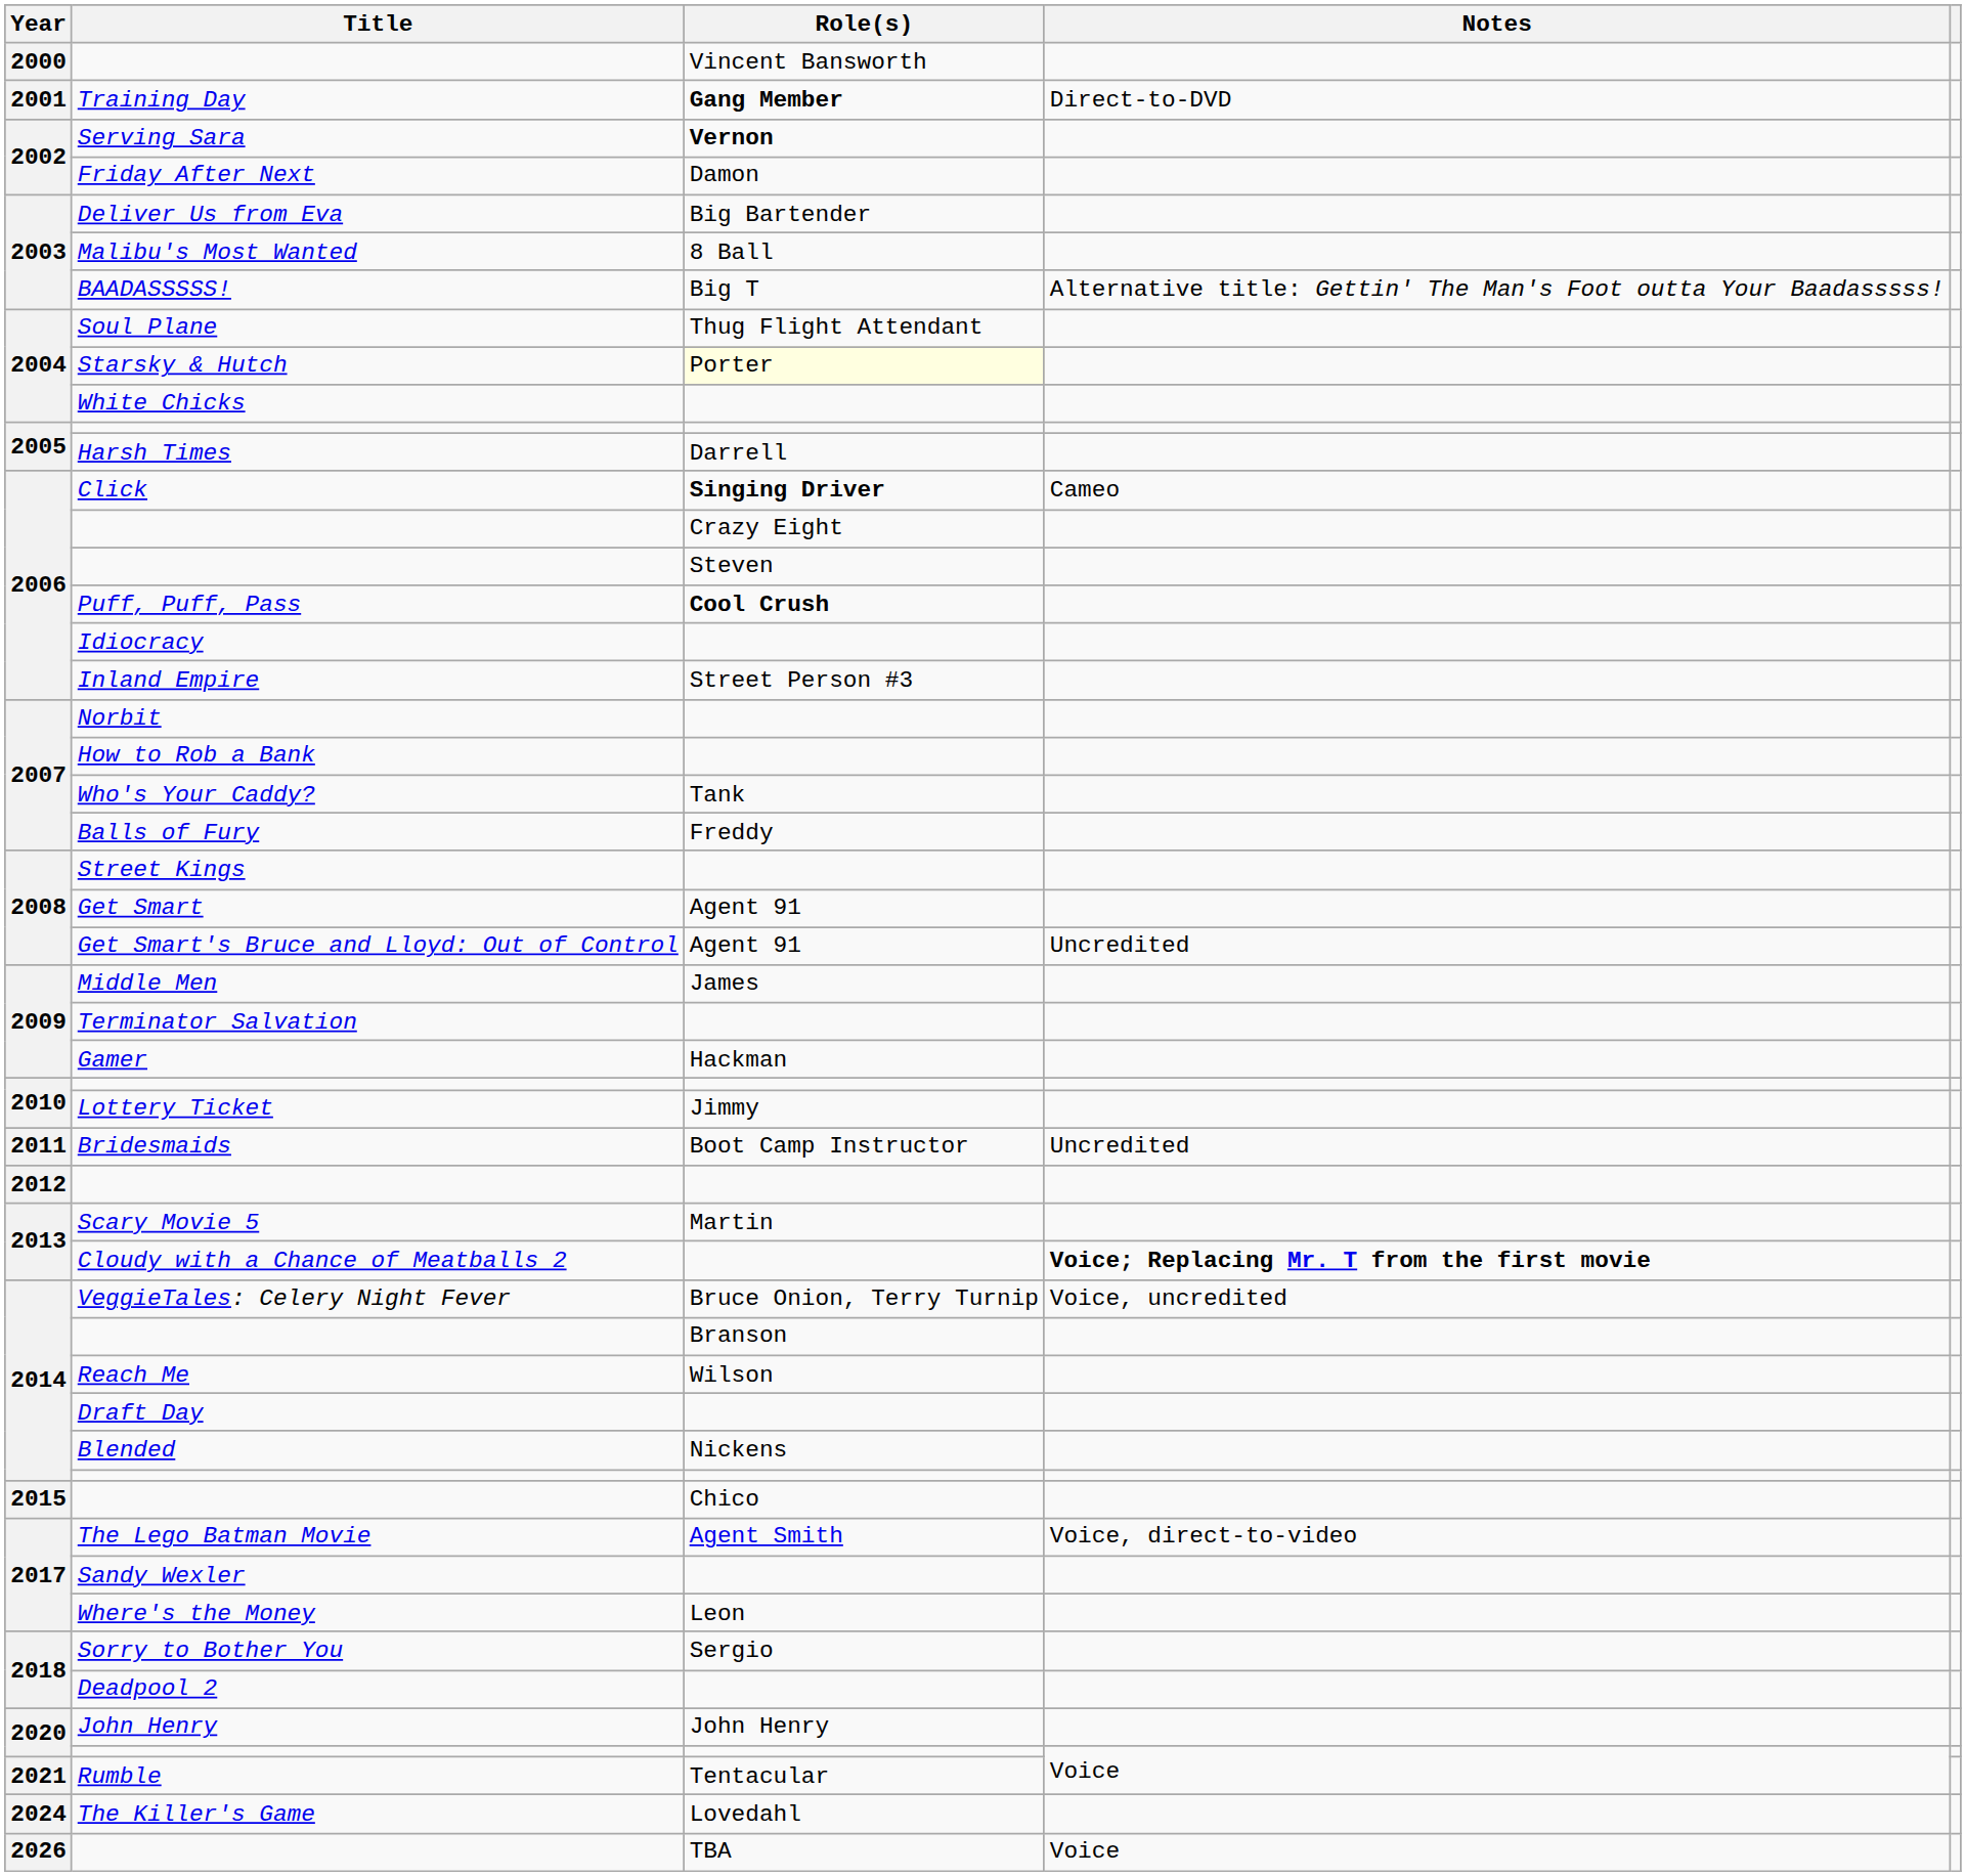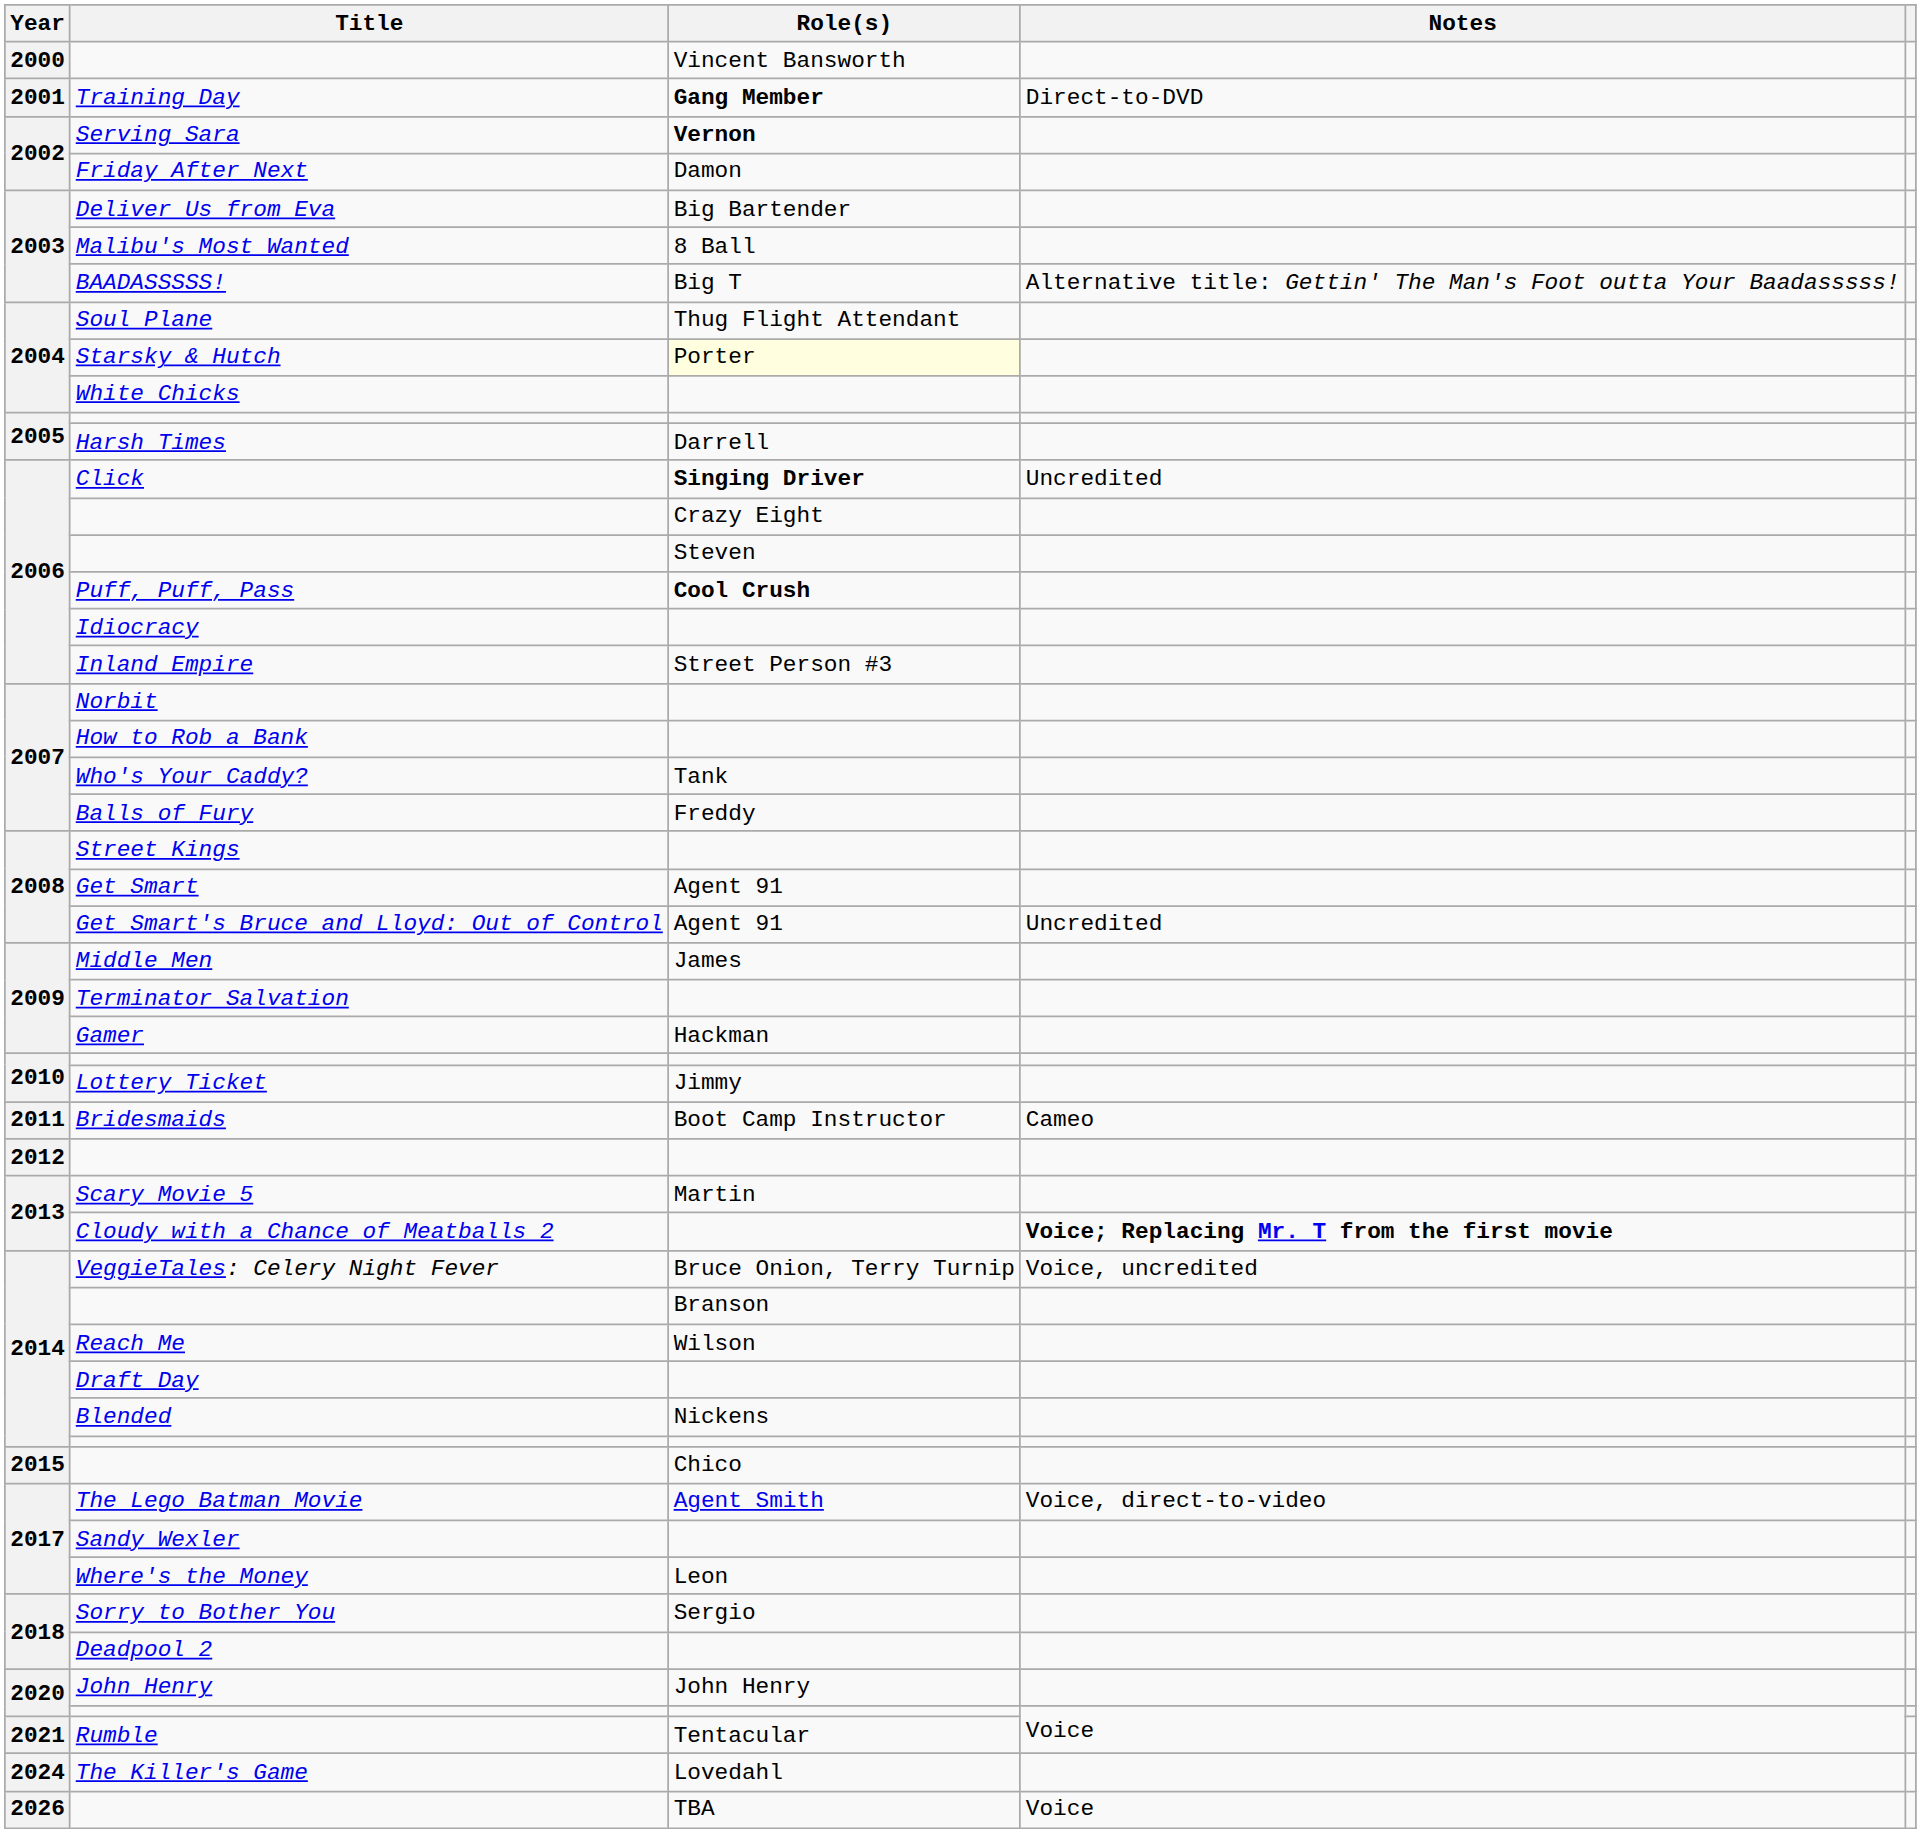 <table class="wikitable plainrowheaders sortable">
 <tr>
 <th scope="col">Year</th>
 <th scope="col">Title</th>
 <th scope="col">Role(s)</th>
 <th scope="col" class="unsortable">Notes</th>
 <th scope="col" class="unsortable"></th>
 </tr>
 <tr>
 <th scope=row>2000</th>
 <td><em></em></td>
 <td>Vincent Bansworth</td>
 <td></td>
 <td style="text-align:center;"></td>
 </tr>
 <tr>
 <th scope=row>2001</th>
 <td><em><a href='#'>Training Day</a></em></td>
 <td><strong>Gang Member</strong></td>
 <td>Direct-to-DVD</td>
 <td style="text-align:center;"></td>
 </tr>
 <tr>
 <th rowspan="2" scope="row">2002</th>
 <td><em><a href='#'>Serving Sara</a></em></td>
 <td><strong>Vernon</strong></td>
 <td></td>
 <td style="text-align:center;"></td>
 </tr>
 <tr>
 <td><em><a href='#'>Friday After Next</a></em></td>
 <td>Damon</td>
 <td></td>
 <td style="text-align:center;"></td>
 </tr>
 <tr>
 <th rowspan="3" scope="row">2003</th>
 <td><em><a href='#'>Deliver Us from Eva</a></em></td>
 <td>Big Bartender</td>
 <td></td>
 <td style="text-align:center;"></td>
 </tr>
 <tr>
 <td><em><a href='#'>Malibu's Most Wanted</a></em></td>
 <td>8 Ball</td>
 <td></td>
 <td style="text-align:center;"></td>
 </tr>
 <tr>
 <td><em><a href='#'>BAADASSSSS!</a></em></td>
 <td>Big T</td>
 <td>Alternative title: <em>Gettin' The Man's Foot outta Your Baadasssss!</em></td>
 <td style="text-align:center;"></td>
 </tr>
 <tr>
 <th rowspan="3" scope="row">2004</th>
 <td><em><a href='#'>Soul Plane</a></em></td>
 <td>Thug Flight Attendant</td>
 <td></td>
 <td style="text-align:center;"></td>
 </tr>
 <tr>
 <td><em><a href='#'>Starsky & Hutch</a></em></td>
 <td style="background: lightyellow;">Porter</td>
 <td></td>
 <td style="text-align:center;"></td>
 </tr>
 <tr>
 <td><em><a href='#'>White Chicks</a></em></td>
 <td></td>
 <td></td>
 <td style="text-align:center;"></td>
 </tr>
 <tr>
 <th rowspan="2" scope="row">2005</th>
 <td><em></em></td>
 <td></td>
 <td></td>
 <td style="text-align:center;"></td>
 </tr>
 <tr>
 <td><em><a href='#'>Harsh Times</a></em></td>
 <td>Darrell</td>
 <td></td>
 <td style="text-align:center;"></td>
 </tr>
 <tr>
 <th rowspan="6" scope="row">2006</th>
 <td><em><a href='#'>Click</a></em></td>
 <td><strong>Singing Driver</strong></td>
-<td>Cameo</td>
+<td>Uncredited</td>
 <td style="text-align:center;"></td>
 </tr>
 <tr>
 <td><em></em></td>
 <td>Crazy Eight</td>
 <td></td>
 <td style="text-align:center;"></td>
 </tr>
 <tr>
 <td><em></em></td>
 <td>Steven</td>
 <td></td>
 <td style="text-align:center;"></td>
 </tr>
 <tr>
 <td><em><a href='#'>Puff, Puff, Pass</a></em></td>
 <td><strong>Cool Crush</strong></td>
 <td></td>
 <td style="text-align:center;"></td>
 </tr>
 <tr>
 <td><em><a href='#'>Idiocracy</a></em></td>
 <td></td>
 <td></td>
 <td style="text-align:center;"></td>
 </tr>
 <tr>
 <td><em><a href='#'>Inland Empire</a></em></td>
 <td>Street Person #3</td>
 <td></td>
 <td style="text-align:center;"></td>
 </tr>
 <tr>
 <th rowspan="4" scope="row">2007</th>
 <td><em><a href='#'>Norbit</a></em></td>
 <td></td>
 <td></td>
 <td style="text-align:center;"></td>
 </tr>
 <tr>
 <td><em><a href='#'>How to Rob a Bank</a></em></td>
 <td></td>
 <td></td>
 <td style="text-align:center;"></td>
 </tr>
 <tr>
 <td><em><a href='#'>Who's Your Caddy?</a></em></td>
 <td>Tank</td>
 <td></td>
 <td style="text-align:center;"></td>
 </tr>
 <tr>
 <td><em><a href='#'>Balls of Fury</a></em></td>
 <td>Freddy</td>
 <td></td>
 <td style="text-align:center;"></td>
 </tr>
 <tr>
 <th rowspan="3" scope="row">2008</th>
 <td><em><a href='#'>Street Kings</a></em></td>
 <td></td>
 <td></td>
 <td style="text-align:center;"></td>
 </tr>
 <tr>
 <td><em><a href='#'>Get Smart</a></em></td>
 <td>Agent 91</td>
 <td></td>
 <td style="text-align:center;"></td>
 </tr>
 <tr>
 <td><em><a href='#'>Get Smart's Bruce and Lloyd: Out of Control</a></em></td>
 <td>Agent 91</td>
 <td>Uncredited</td>
 <td style="text-align:center;"></td>
 </tr>
 <tr>
 <th rowspan="3" scope="row">2009</th>
 <td><em><a href='#'>Middle Men</a></em></td>
 <td>James</td>
 <td></td>
 <td style="text-align:center;"></td>
 </tr>
 <tr>
 <td><em><a href='#'>Terminator Salvation</a></em></td>
 <td></td>
 <td></td>
 <td style="text-align:center;"></td>
 </tr>
 <tr>
 <td><em><a href='#'>Gamer</a></em></td>
 <td>Hackman</td>
 <td></td>
 <td style="text-align:center;"></td>
 </tr>
 <tr>
 <th rowspan="2" scope="row">2010</th>
 <td><em></em></td>
 <td></td>
 <td></td>
 <td style="text-align:center;"></td>
 </tr>
 <tr>
 <td><em><a href='#'>Lottery Ticket</a></em></td>
 <td>Jimmy</td>
 <td></td>
 <td style="text-align:center;"></td>
 </tr>
 <tr>
 <th scope=row>2011</th>
 <td><em><a href='#'>Bridesmaids</a></em></td>
 <td>Boot Camp Instructor</td>
-<td>Uncredited</td>
+<td>Cameo</td>
 <td style="text-align:center;"></td>
 </tr>
 <tr>
 <th scope=row>2012</th>
 <td><em></em></td>
 <td></td>
 <td></td>
 <td style="text-align:center;"></td>
 </tr>
 <tr>
 <th rowspan="2" scope="row">2013</th>
 <td><em><a href='#'>Scary Movie 5</a></em></td>
 <td>Martin</td>
 <td></td>
 <td style="text-align:center;"></td>
 </tr>
 <tr>
 <td><em><a href='#'>Cloudy with a Chance of Meatballs 2</a></em></td>
 <td></td>
 <td><strong>Voice; Replacing <a href='#'>Mr. T</a> from the first movie</strong></td>
 <td style="text-align:center;"></td>
 </tr>
 <tr>
 <th rowspan="6" scope="row">2014</th>
 <td><em><a href='#'>VeggieTales</a>: Celery Night Fever</em></td>
 <td>Bruce Onion, Terry Turnip</td>
 <td>Voice, uncredited</td>
 <td style="text-align:center;"></td>
 </tr>
 <tr>
 <td><em></em></td>
 <td>Branson</td>
 <td></td>
 <td style="text-align:center;"></td>
 </tr>
 <tr>
 <td><em><a href='#'>Reach Me</a></em></td>
 <td>Wilson</td>
 <td></td>
 <td style="text-align:center;"></td>
 </tr>
 <tr>
 <td><em><a href='#'>Draft Day</a></em></td>
 <td></td>
 <td></td>
 <td style="text-align:center;"></td>
 </tr>
 <tr>
 <td><em><a href='#'>Blended</a></em></td>
 <td>Nickens</td>
 <td></td>
 <td style="text-align:center;"></td>
 </tr>
 <tr>
 <td><em></em></td>
 <td></td>
 <td></td>
 <td style="text-align:center;"></td>
 </tr>
 <tr>
 <th scope=row>2015</th>
 <td><em></em></td>
 <td>Chico</td>
 <td></td>
 <td style="text-align:center;"></td>
 </tr>
 <tr>
 <th rowspan="3" scope="row">2017</th>
 <td><em><a href='#'>The Lego Batman Movie</a></em></td>
 <td><a href='#'>Agent Smith</a></td>
 <td>Voice, direct-to-video</td>
 <td></td>
 </tr>
 <tr>
 <td><em><a href='#'>Sandy Wexler</a></em></td>
 <td></td>
 <td></td>
 <td style="text-align:center;"></td>
 </tr>
 <tr>
 <td><em><a href='#'>Where's the Money</a></em></td>
 <td>Leon</td>
 <td></td>
 <td style="text-align:center;"></td>
 </tr>
 <tr>
 <th rowspan="2" scope="row">2018</th>
 <td><em><a href='#'>Sorry to Bother You</a></em></td>
 <td>Sergio</td>
 <td></td>
 <td style="text-align:center;"></td>
 </tr>
 <tr>
 <td><em><a href='#'>Deadpool 2</a></em></td>
 <td></td>
 <td></td>
 <td style="text-align:center;"></td>
 </tr>
 <tr>
 <th rowspan="2" scope="row">2020</th>
 <td><em><a href='#'>John Henry</a></em></td>
 <td>John Henry</td>
 <td></td>
 <td style="text-align:center;"></td>
 </tr>
 <tr>
 <td><em></em></td>
 <td></td>
 <td rowspan="2">Voice</td>
 <td style="text-align:center;"></td>
 </tr>
 <tr>
 <th scope=row>2021</th>
 <td><em><a href='#'>Rumble</a></em></td>
 <td>Tentacular</td>
 <td style="text-align:center;"></td>
 </tr>
 <tr>
 <th scope="row">2024</th>
 <td><em><a href='#'>The Killer's Game</a></em></td>
 <td>Lovedahl</td>
 <td></td>
 <td style="text-align:center;"></td>
 </tr>
 <tr>
 <th scope="row">2026</th>
 <td></td>
 <td>TBA</td>
 <td>Voice</td>
 <td style="text-align:center;"></td>
 </tr>
 </table>
